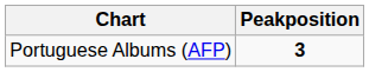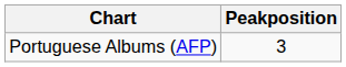 <table class="wikitable">
 <tr>
 <th>Chart</th>
 <th>Peakposition</th>
 </tr>
 <tr>
 <td>Portuguese Albums (<a href='#'>AFP</a>)</td>
-<td style="text-align:center;"><strong>3</strong></td>
+<td style="text-align:center;">3</td>
 </tr>
 </table>
